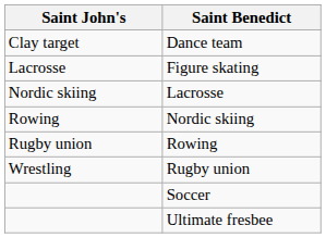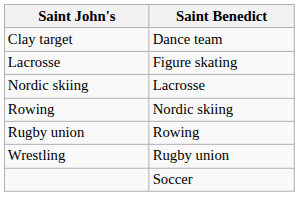 <table class="wikitable"; style= "text-align: ">
 <tr>
 <th width=150px>Saint John's</th>
 <th width=150px>Saint Benedict</th>
 </tr>
 <tr>
 <td>Clay target</td>
 <td>Dance team</td>
 </tr>
 <tr>
 <td>Lacrosse</td>
 <td>Figure skating</td>
 </tr>
 <tr>
 <td>Nordic skiing</td>
 <td>Lacrosse</td>
 </tr>
 <tr>
 <td>Rowing</td>
 <td>Nordic skiing</td>
 </tr>
 <tr>
 <td>Rugby union</td>
 <td>Rowing</td>
 </tr>
 <tr>
 <td>Wrestling</td>
 <td>Rugby union</td>
 </tr>
 <tr>
 <td></td>
 <td>Soccer</td>
 </tr>
-<tr>
-<td></td>
-<td>Ultimate fresbee</td>
-</tr>
 </table>
